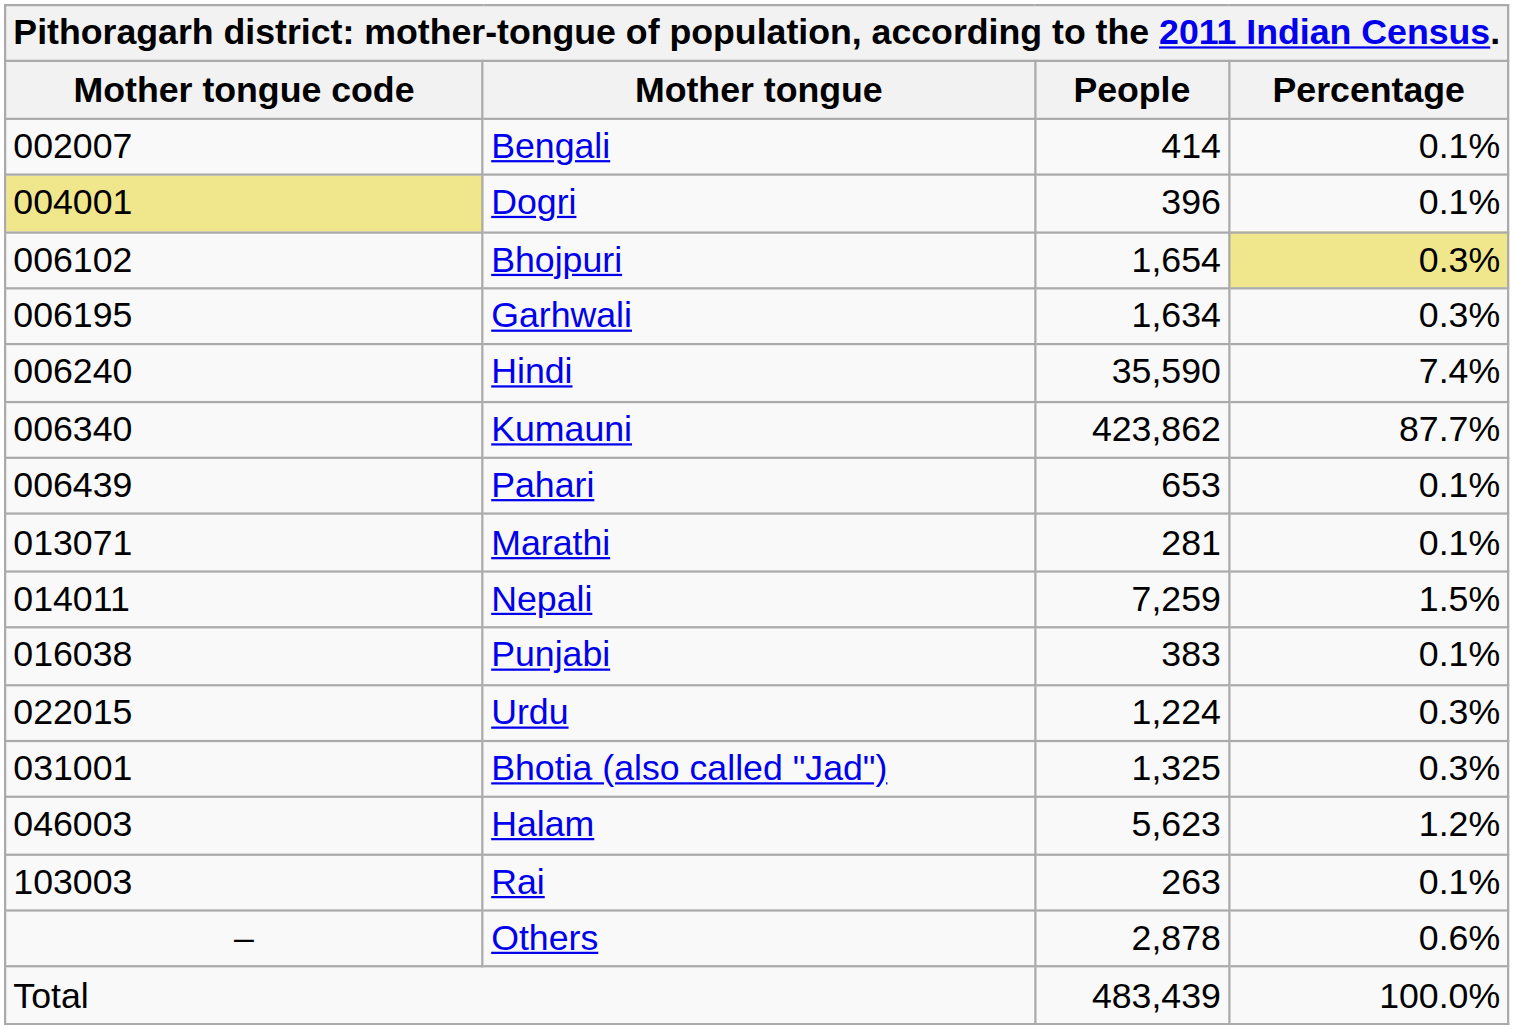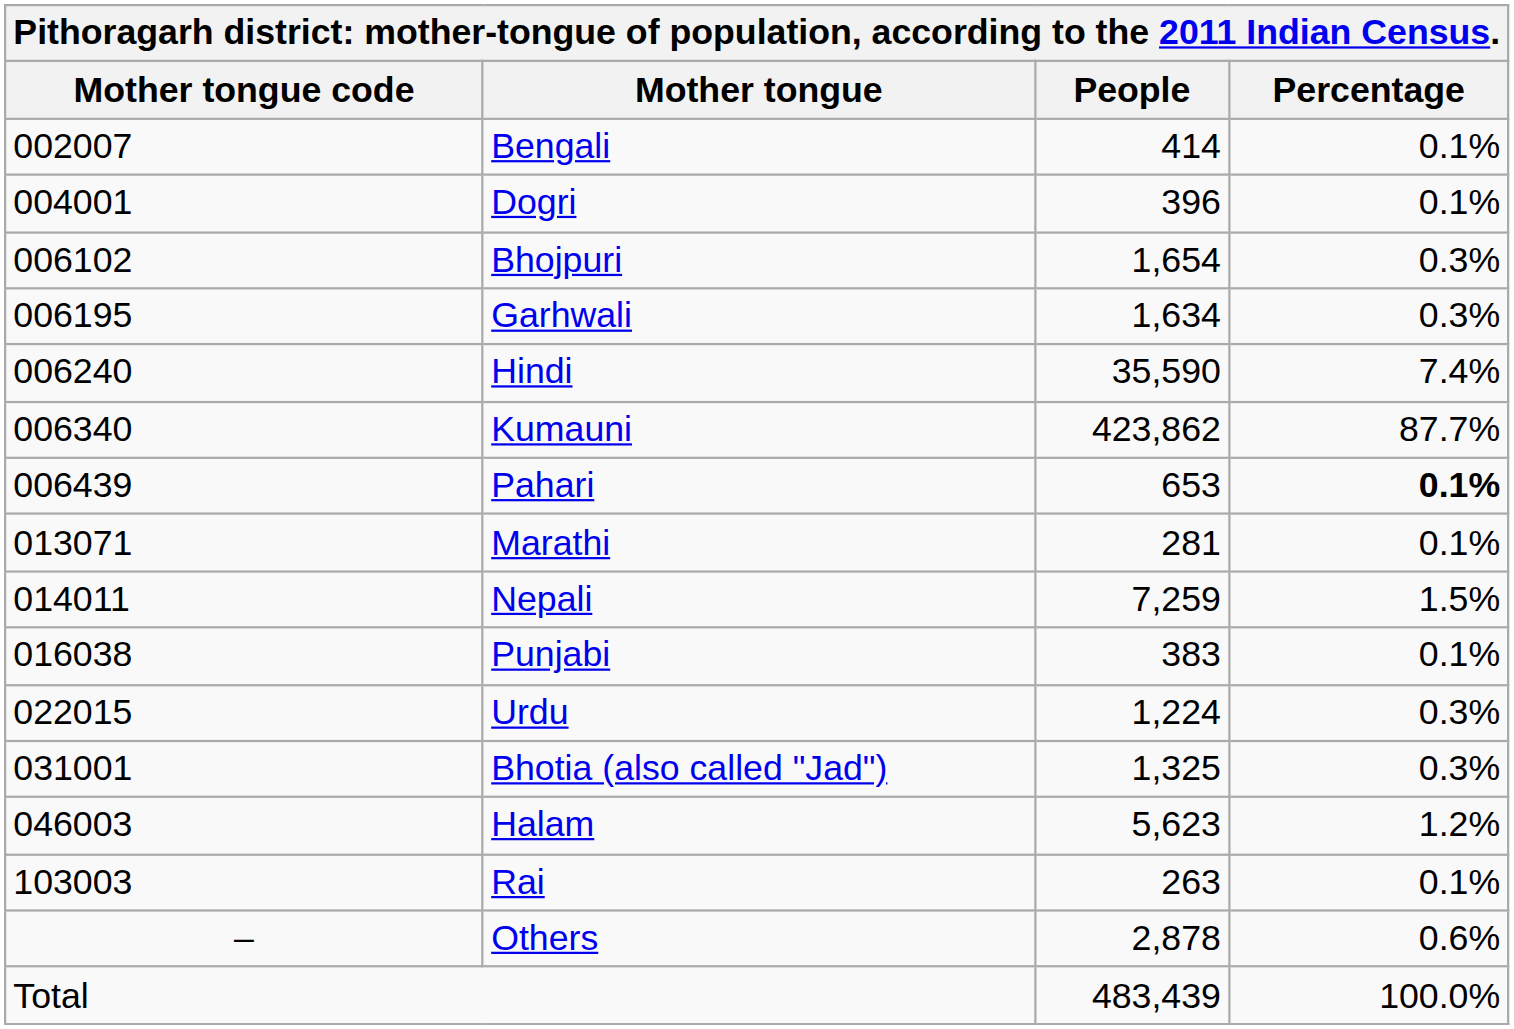 <table class="wikitable sortable mw-collapsible mw-collapsed">
 <tr valign=top>
 <th colspan=4>Pithoragarh district: mother-tongue of population, according to the <a href='#'>2011 Indian Census</a>.</th>
 </tr>
 <tr valign=top>
 <th>Mother tongue code</th>
 <th>Mother tongue</th>
 <th>People</th>
 <th>Percentage</th>
 </tr>
 <tr valign=top>
 <td>002007</td>
 <td><a href='#'>Bengali</a></td>
 <td align=right>414</td>
 <td align=right>0.1%</td>
 </tr>
 <tr valign=top>
-<td style="background: khaki;">004001</td>
+<td>004001</td>
 <td><a href='#'>Dogri</a></td>
 <td align=right>396</td>
 <td align=right>0.1%</td>
 </tr>
 <tr valign=top>
 <td>006102</td>
 <td><a href='#'>Bhojpuri</a></td>
 <td align=right>1,654</td>
-<td align=right style="background: khaki;">0.3%</td>
+<td align=right>0.3%</td>
 </tr>
 <tr valign=top>
 <td>006195</td>
 <td><a href='#'>Garhwali</a></td>
 <td align=right>1,634</td>
 <td align=right>0.3%</td>
 </tr>
 <tr valign=top>
 <td>006240</td>
 <td><a href='#'>Hindi</a></td>
 <td align=right>35,590</td>
 <td align=right>7.4%</td>
 </tr>
 <tr valign=top>
 <td>006340</td>
 <td><a href='#'>Kumauni</a></td>
 <td align=right>423,862</td>
 <td align=right>87.7%</td>
 </tr>
 <tr valign=top>
 <td>006439</td>
 <td><a href='#'>Pahari</a></td>
 <td align=right>653</td>
-<td align=right>0.1%</td>
+<td align=right><strong>0.1%</strong></td>
 </tr>
 <tr valign=top>
 <td>013071</td>
 <td><a href='#'>Marathi</a></td>
 <td align=right>281</td>
 <td align=right>0.1%</td>
 </tr>
 <tr valign=top>
 <td>014011</td>
 <td><a href='#'>Nepali</a></td>
 <td align=right>7,259</td>
 <td align=right>1.5%</td>
 </tr>
 <tr valign=top>
 <td>016038</td>
 <td><a href='#'>Punjabi</a></td>
 <td align=right>383</td>
 <td align=right>0.1%</td>
 </tr>
 <tr valign=top>
 <td>022015</td>
 <td><a href='#'>Urdu</a></td>
 <td align=right>1,224</td>
 <td align=right>0.3%</td>
 </tr>
 <tr valign=top>
 <td>031001</td>
 <td><a href='#'>Bhotia (also called "Jad")</a></td>
 <td align=right>1,325</td>
 <td align=right>0.3%</td>
 </tr>
 <tr valign=top>
 <td>046003</td>
 <td><a href='#'>Halam</a></td>
 <td align=right>5,623</td>
 <td align=right>1.2%</td>
 </tr>
 <tr valign=top>
 <td>103003</td>
 <td><a href='#'>Rai</a></td>
 <td align=right>263</td>
 <td align=right>0.1%</td>
 </tr>
 <tr valign=top>
 <td align=center>–</td>
 <td><a href='#'>Others</a></td>
 <td align=right>2,878</td>
 <td align=right>0.6%</td>
 </tr>
 <tr valign=top class=sortbottom>
 <td colspan=2>Total</td>
 <td align=right>483,439</td>
 <td align=right>100.0%</td>
 </tr>
 <tr>
 </tr>
 </table>
